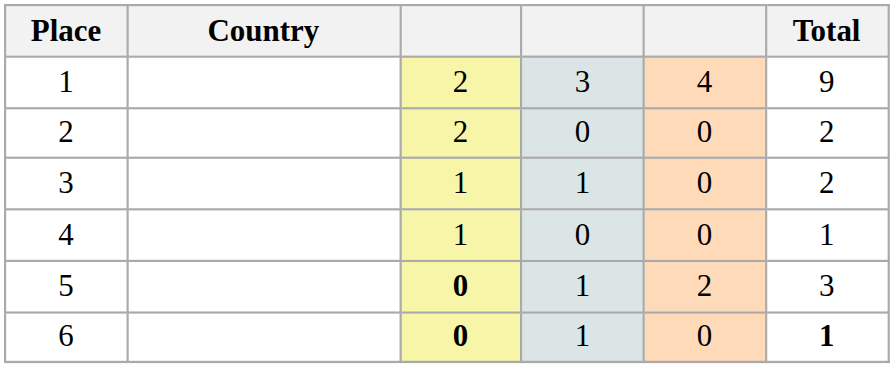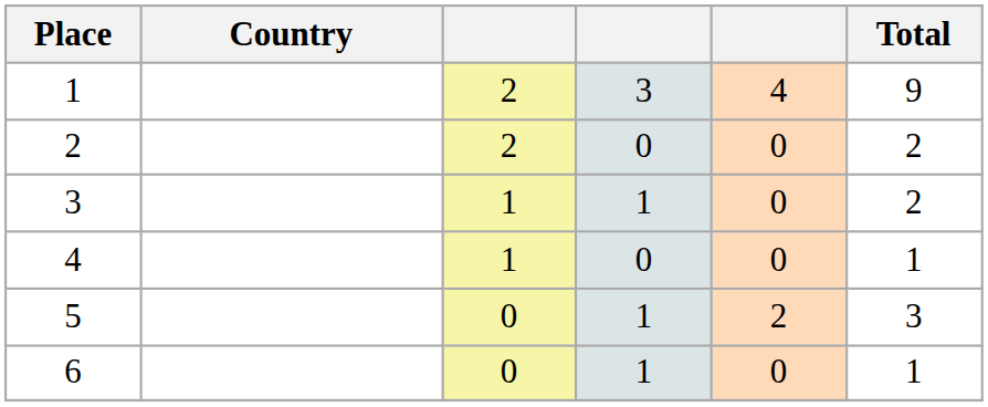 <table class=wikitable style="border:1px solid #AAAAAA;font-size:90%">
 <tr bgcolor="#EFEFEF">
 <th width=50>Place</th>
 <th width=120>Country</th>
 <th width=50></th>
 <th width=50></th>
 <th width=50></th>
 <th width=50>Total</th>
 </tr>
 <tr align="center" valign="top" bgcolor="#FFFFFF">
 <td>1</td>
 <td align="left"></td>
 <td style="background:#F7F6A8;">2</td>
 <td style="background:#DCE5E5;">3</td>
 <td style="background:#FFDAB9;">4</td>
 <td>9</td>
 </tr>
 <tr align="center" valign="top" bgcolor="#FFFFFF">
 <td>2</td>
 <td align="left"></td>
 <td style="background:#F7F6A8;">2</td>
 <td style="background:#DCE5E5;">0</td>
 <td style="background:#FFDAB9;">0</td>
 <td>2</td>
 </tr>
 <tr align="center" valign="top" bgcolor="#FFFFFF">
 <td>3</td>
 <td align="left"></td>
 <td style="background:#F7F6A8;">1</td>
 <td style="background:#DCE5E5;">1</td>
 <td style="background:#FFDAB9;">0</td>
 <td>2</td>
 </tr>
 <tr align="center" valign="top" bgcolor="#FFFFFF">
 <td>4</td>
 <td align="left"></td>
 <td style="background:#F7F6A8;">1</td>
 <td style="background:#DCE5E5;">0</td>
 <td style="background:#FFDAB9;">0</td>
 <td>1</td>
 </tr>
 <tr align="center" valign="top" bgcolor="#FFFFFF">
 <td>5</td>
 <td align="left"></td>
-<td style="background:#F7F6A8;"><strong>0</strong></td>
+<td style="background:#F7F6A8;">0</td>
 <td style="background:#DCE5E5;">1</td>
 <td style="background:#FFDAB9;">2</td>
 <td>3</td>
 </tr>
 <tr align="center" valign="top" bgcolor="#FFFFFF">
 <td>6</td>
 <td align="left"></td>
-<td style="background:#F7F6A8;"><strong>0</strong></td>
+<td style="background:#F7F6A8;">0</td>
 <td style="background:#DCE5E5;">1</td>
 <td style="background:#FFDAB9;">0</td>
-<td><strong>1</strong></td>
+<td>1</td>
 </tr>
 <tr align="center" valign="top" bgcolor="#FFFFFF">
 </tr>
 </table>
